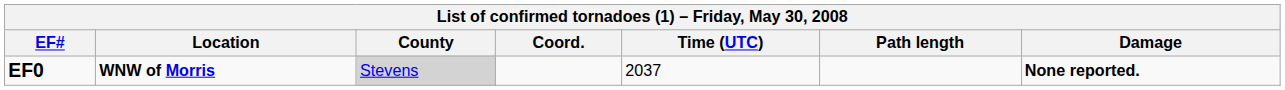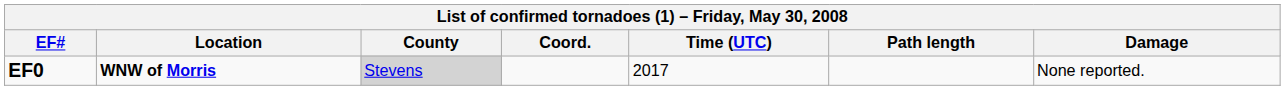 <table class="wikitable collapsible" width="100%">
 <tr>
 <th colspan="7">List of confirmed tornadoes (1) – Friday, May 30, 2008</th>
 </tr>
 <tr>
 <th><a href='#'>EF#</a></th>
 <th>Location</th>
 <th>County</th>
 <th>Coord.</th>
 <th>Time (<a href='#'>UTC</a>)</th>
 <th>Path length</th>
 <th>Damage</th>
 </tr>
 <tr>
 <td><big><strong>EF0</strong></big></td>
 <td><strong> WNW of <a href='#'>Morris</a></strong></td>
 <td style="background: lightgrey;"><a href='#'>Stevens</a></td>
 <td></td>
-<td>2037</td>
+<td>2017</td>
 <td></td>
-<td><strong>None reported.</strong></td>
+<td>None reported.</td>
 </tr>
 </table>
